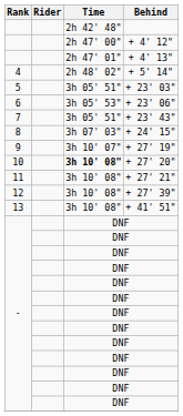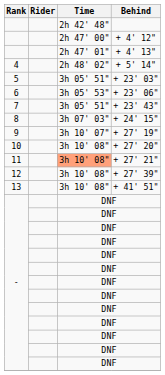 <table class=wikitable style="text-align:center;">
 <tr>
 <th>Rank</th>
 <th>Rider</th>
 <th>Time</th>
 <th>Behind</th>
 </tr>
 <tr>
 <td></td>
 <td align=left></td>
 <td>2h 42' 48"</td>
 <td></td>
 </tr>
 <tr>
 <td></td>
 <td align=left></td>
 <td>2h 47' 00"</td>
 <td>+ 4' 12"</td>
 </tr>
 <tr>
 <td></td>
 <td align=left></td>
 <td>2h 47' 01"</td>
 <td>+ 4' 13"</td>
 </tr>
 <tr>
 <td>4</td>
 <td align=left></td>
 <td>2h 48' 02"</td>
 <td>+ 5' 14"</td>
 </tr>
 <tr>
 <td>5</td>
 <td align=left></td>
 <td>3h 05' 51"</td>
 <td>+ 23' 03"</td>
 </tr>
 <tr>
 <td>6</td>
 <td align=left></td>
 <td>3h 05' 53"</td>
 <td>+ 23' 06"</td>
 </tr>
 <tr>
 <td>7</td>
 <td align=left></td>
 <td>3h 05' 51"</td>
 <td>+ 23' 43"</td>
 </tr>
 <tr>
 <td>8</td>
 <td align=left></td>
 <td>3h 07' 03"</td>
 <td>+ 24' 15"</td>
 </tr>
 <tr>
 <td>9</td>
 <td align=left></td>
 <td>3h 10' 07"</td>
 <td>+ 27' 19"</td>
 </tr>
 <tr>
 <td>10</td>
 <td align=left></td>
-<td><strong>3h 10' 08"</strong></td>
+<td>3h 10' 08"</td>
 <td>+ 27' 20"</td>
 </tr>
 <tr>
 <td>11</td>
 <td align=left></td>
-<td>3h 10' 08"</td>
+<td style="background: lightsalmon;">3h 10' 08"</td>
 <td>+ 27' 21"</td>
 </tr>
 <tr>
 <td>12</td>
 <td align=left></td>
 <td>3h 10' 08"</td>
 <td>+ 27' 39"</td>
 </tr>
 <tr>
 <td>13</td>
 <td align=left></td>
 <td>3h 10' 08"</td>
 <td>+ 41' 51"</td>
 </tr>
 <tr>
 <td rowspan=13>-</td>
 <td align=left></td>
 <td colspan=2>DNF</td>
 </tr>
 <tr>
 <td align=left></td>
 <td colspan=2>DNF</td>
 </tr>
 <tr>
 <td align=left></td>
 <td colspan=2>DNF</td>
 </tr>
 <tr>
 <td align=left></td>
 <td colspan=2>DNF</td>
 </tr>
 <tr>
 <td align=left></td>
 <td colspan=2>DNF</td>
 </tr>
 <tr>
 <td align=left></td>
 <td colspan=2>DNF</td>
 </tr>
 <tr>
 <td align=left></td>
 <td colspan=2>DNF</td>
 </tr>
 <tr>
 <td align=left></td>
 <td colspan=2>DNF</td>
 </tr>
 <tr>
 <td align=left></td>
 <td colspan=2>DNF</td>
 </tr>
 <tr>
 <td align=left></td>
 <td colspan=2>DNF</td>
 </tr>
 <tr>
 <td align=left></td>
 <td colspan=2>DNF</td>
 </tr>
 <tr>
 <td align=left></td>
 <td colspan=2>DNF</td>
 </tr>
 <tr>
 <td align=left></td>
 <td colspan=2>DNF</td>
 </tr>
 <tr>
 </tr>
 </table>
